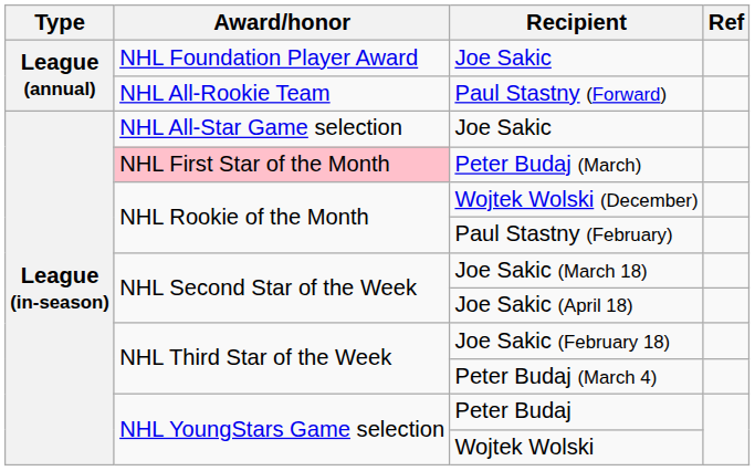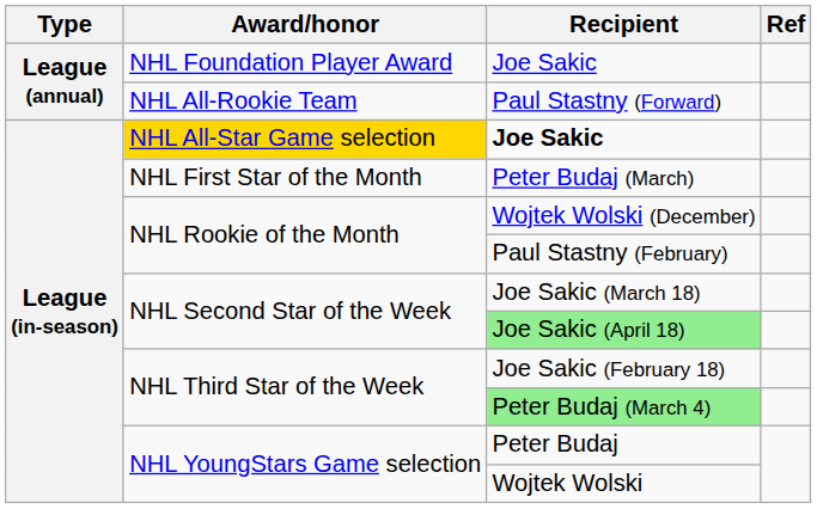 <table class="wikitable">
 <tr>
 <th scope="col">Type</th>
 <th scope="col">Award/honor</th>
 <th scope="col">Recipient</th>
 <th scope="col">Ref</th>
 </tr>
 <tr>
 <th scope="row" rowspan="2">League<br><small>(annual)</small></th>
 <td><a href='#'>NHL Foundation Player Award</a></td>
 <td><a href='#'>Joe Sakic</a></td>
 <td></td>
 </tr>
 <tr>
 <td><a href='#'>NHL All-Rookie Team</a></td>
 <td><a href='#'>Paul Stastny</a> <small>(<a href='#'>Forward</a>)</small></td>
 <td></td>
 </tr>
 <tr>
 <th scope="row" rowspan="10">League<br><small>(in-season)</small></th>
-<td><a href='#'>NHL All-Star Game</a> selection</td>
-<td>Joe Sakic</td>
+<td style="background: gold;"><a href='#'>NHL All-Star Game</a> selection</td>
+<td><strong>Joe Sakic</strong></td>
 <td></td>
 </tr>
 <tr>
-<td style="background: pink;">NHL First Star of the Month</td>
+<td>NHL First Star of the Month</td>
 <td><a href='#'>Peter Budaj</a> <small>(March)</small></td>
 <td></td>
 </tr>
 <tr>
 <td rowspan="2">NHL Rookie of the Month</td>
 <td><a href='#'>Wojtek Wolski</a> <small>(December)</small></td>
 <td></td>
 </tr>
 <tr>
 <td>Paul Stastny <small>(February)</small></td>
 <td></td>
 </tr>
 <tr>
 <td rowspan="2">NHL Second Star of the Week</td>
 <td>Joe Sakic <small>(March 18)</small></td>
 <td></td>
 </tr>
 <tr>
-<td>Joe Sakic <small>(April 18)</small></td>
+<td style="background: lightgreen;">Joe Sakic <small>(April 18)</small></td>
 <td></td>
 </tr>
 <tr>
 <td rowspan="2">NHL Third Star of the Week</td>
 <td>Joe Sakic <small>(February 18)</small></td>
 <td></td>
 </tr>
 <tr>
-<td>Peter Budaj <small>(March 4)</small></td>
+<td style="background: lightgreen;">Peter Budaj <small>(March 4)</small></td>
 <td></td>
 </tr>
 <tr>
 <td rowspan="2"><a href='#'>NHL YoungStars Game</a> selection</td>
 <td>Peter Budaj</td>
 <td rowspan="2"></td>
 </tr>
 <tr>
 <td>Wojtek Wolski</td>
 </tr>
 </table>
